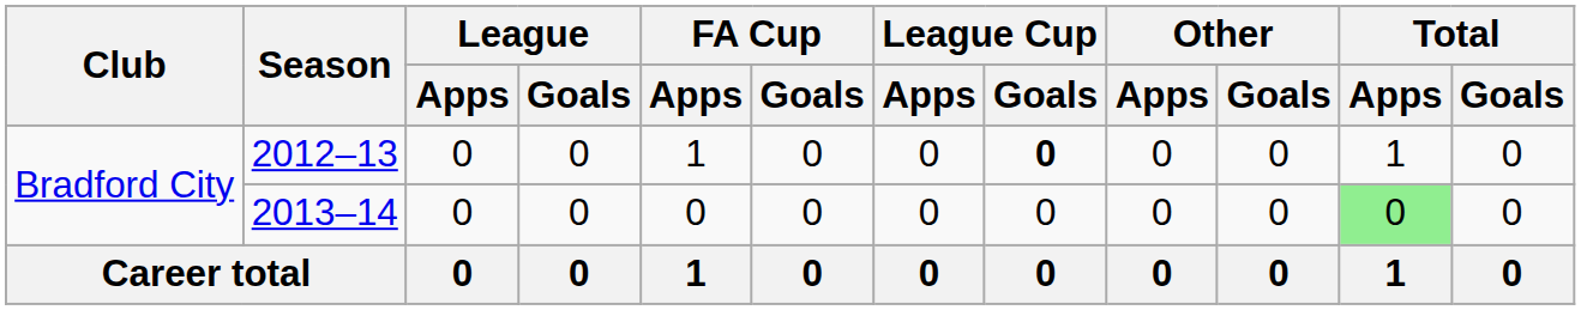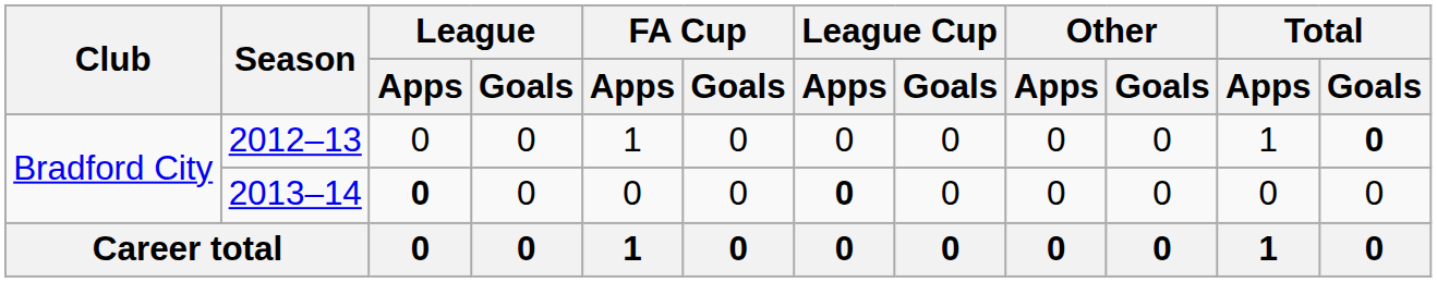 <table class="wikitable" style="text-align: center;">
 <tr>
 <th rowspan="2">Club</th>
 <th rowspan="2">Season</th>
 <th colspan="2">League</th>
 <th colspan="2">FA Cup</th>
 <th colspan="2">League Cup</th>
 <th colspan="2">Other</th>
 <th colspan="2">Total</th>
 </tr>
 <tr>
 <th>Apps</th>
 <th>Goals</th>
 <th>Apps</th>
 <th>Goals</th>
 <th>Apps</th>
 <th>Goals</th>
 <th>Apps</th>
 <th>Goals</th>
 <th>Apps</th>
 <th>Goals</th>
 </tr>
 <tr>
 <td rowspan="2" valign="center"><a href='#'>Bradford City</a></td>
 <td><a href='#'>2012–13</a></td>
 <td>0</td>
 <td>0</td>
 <td>1</td>
 <td>0</td>
 <td>0</td>
+<td>0</td>
+<td>0</td>
+<td>0</td>
+<td>1</td>
+<td><strong>0</strong></td>
+</tr>
+<tr>
+<td><a href='#'>2013–14</a></td>
 <td><strong>0</strong></td>
 <td>0</td>
 <td>0</td>
-<td>1</td>
 <td>0</td>
-</tr>
-<tr>
-<td><a href='#'>2013–14</a></td>
+<td><strong>0</strong></td>
 <td>0</td>
 <td>0</td>
 <td>0</td>
 <td>0</td>
-<td>0</td>
-<td>0</td>
-<td>0</td>
-<td>0</td>
-<td style="background: lightgreen;">0</td>
 <td>0</td>
 </tr>
 <tr>
 <th colspan="2">Career total</th>
 <th>0</th>
 <th>0</th>
 <th>1</th>
 <th>0</th>
 <th>0</th>
 <th>0</th>
 <th>0</th>
 <th>0</th>
 <th>1</th>
 <th>0</th>
 </tr>
 </table>
